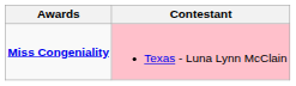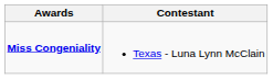 <table class="wikitable">
 <tr>
 <th>Awards</th>
 <th>Contestant</th>
 </tr>
 <tr>
 <td><strong><a href='#'>Miss Congeniality</a></strong></td>
-<td style="background: pink;"><br><ul><li> <a href='#'>Texas</a> - Luna Lynn McClain</li></ul></td>
+<td><br><ul><li> <a href='#'>Texas</a> - Luna Lynn McClain</li></ul></td>
 </tr>
 </table>
